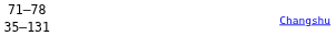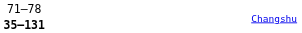 <table style="text-align:center">
 <tr>
 <th width=200></th>
 <th width=100></th>
 <th width=200></th>
 <th></th>
 </tr>
 <tr>
 <td align=right></td>
 <td>71–78</td>
 <td align=left><strong></strong></td>
 <td align=left rowspan=2><small><a href='#'>Changshu</a></small></td>
 </tr>
 <tr>
 <td align=right></td>
-<td>35–131</td>
+<td><strong>35–131</strong></td>
 <td align=left><strong></strong></td>
 </tr>
 </table>
